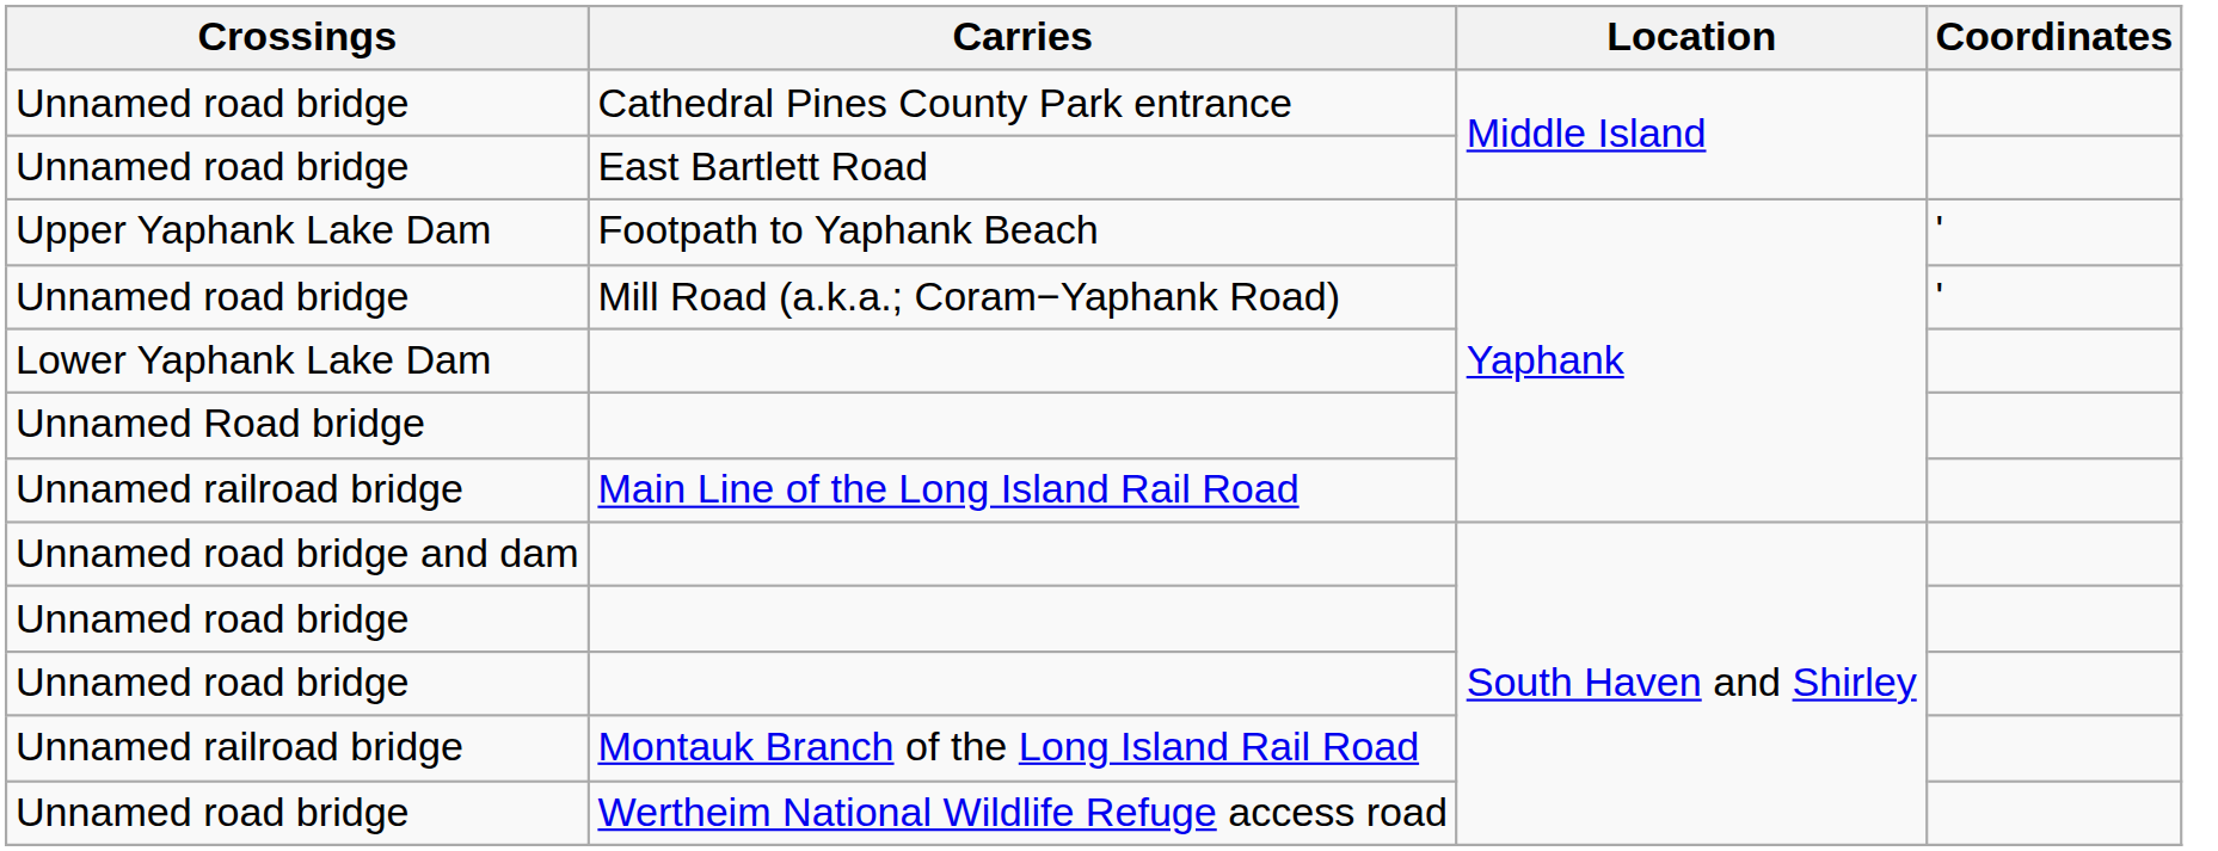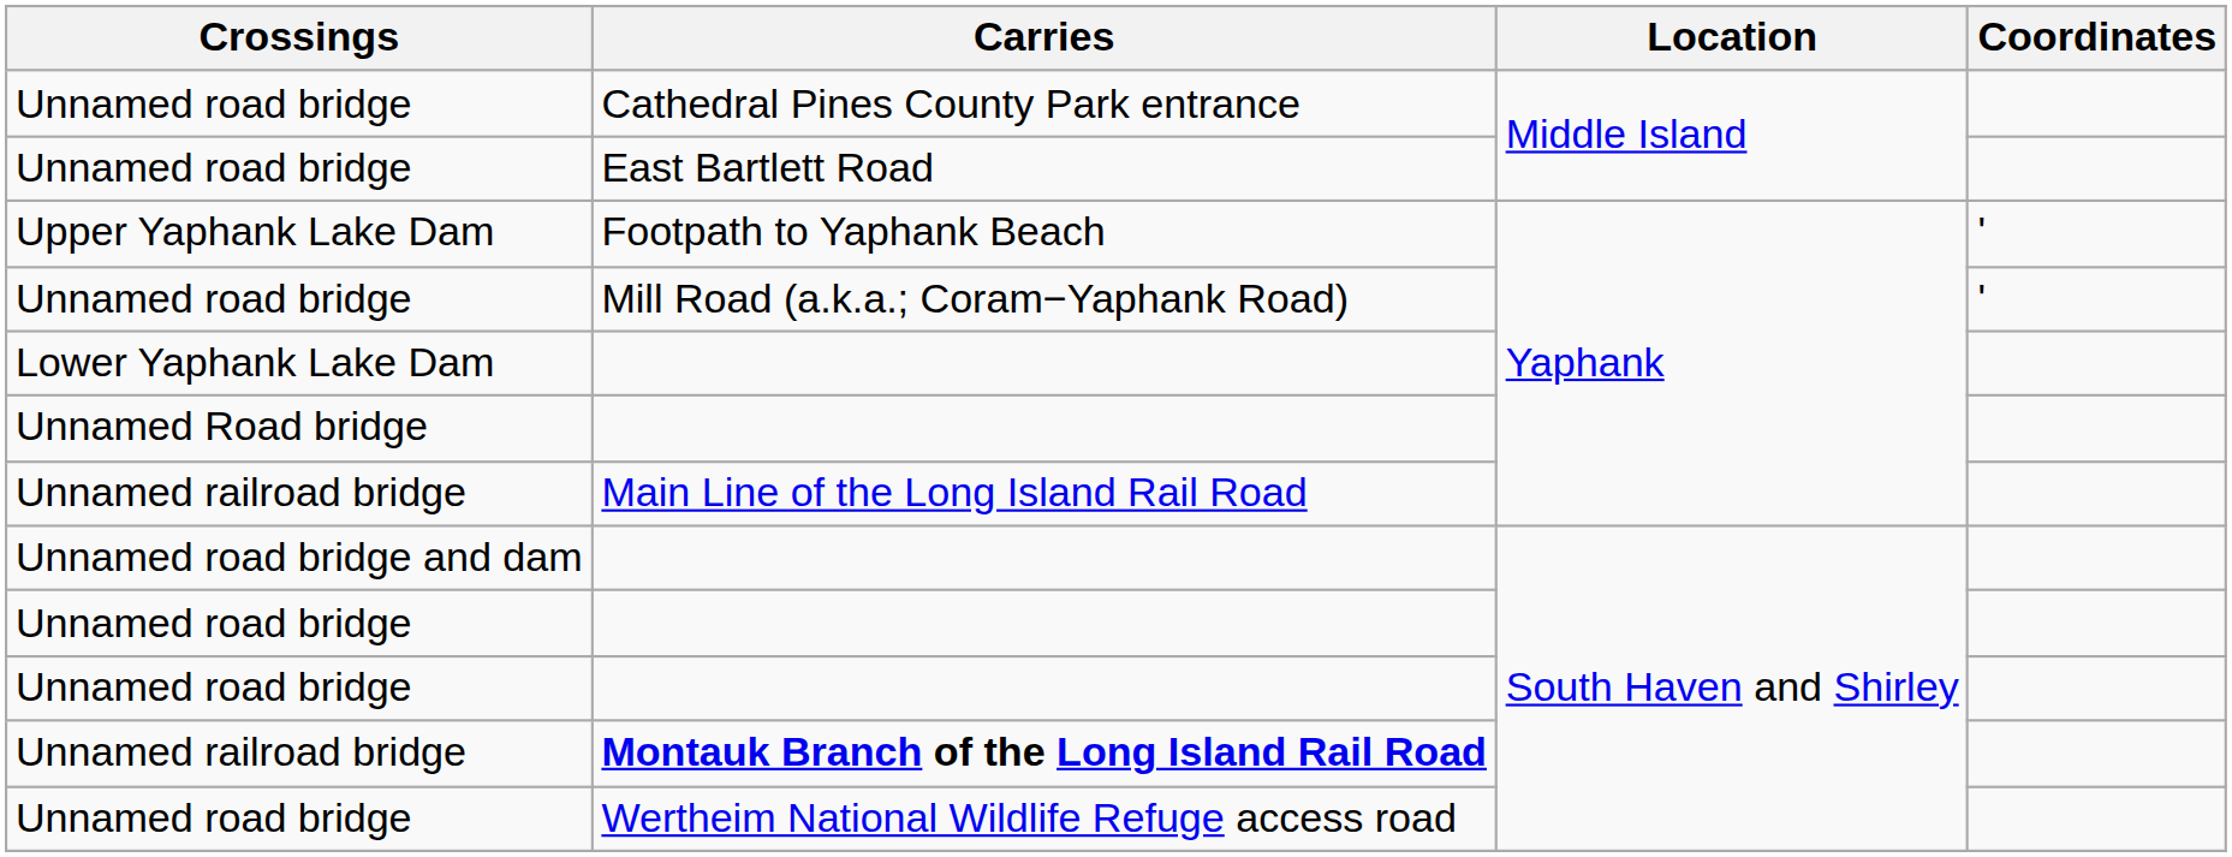 <table class="wikitable sortable">
 <tr>
 <th>Crossings</th>
 <th>Carries</th>
 <th>Location</th>
 <th>Coordinates</th>
 </tr>
 <tr>
 <td>Unnamed road bridge</td>
 <td>Cathedral Pines County Park entrance</td>
 <td rowspan=2><a href='#'>Middle Island</a></td>
 <td></td>
 </tr>
 <tr>
 <td>Unnamed road bridge</td>
 <td>East Bartlett Road</td>
 <td></td>
 </tr>
 <tr>
 <td>Upper Yaphank Lake Dam</td>
 <td>Footpath to Yaphank Beach</td>
 <td rowspan=5><a href='#'>Yaphank</a></td>
 <td>'</td>
 </tr>
 <tr>
 <td>Unnamed road bridge</td>
 <td>Mill Road (a.k.a.; Coram−Yaphank Road)</td>
 <td>'</td>
 </tr>
 <tr>
 <td>Lower Yaphank Lake Dam</td>
 <td></td>
 <td></td>
 </tr>
 <tr>
 <td>Unnamed Road bridge</td>
 <td></td>
 <td></td>
 </tr>
 <tr>
 <td>Unnamed railroad bridge</td>
 <td><a href='#'>Main Line of the Long Island Rail Road</a></td>
 <td></td>
 </tr>
 <tr>
 <td>Unnamed road bridge and dam</td>
 <td></td>
 <td rowspan=5><a href='#'>South Haven</a> and <a href='#'>Shirley</a></td>
 <td></td>
 </tr>
 <tr>
 <td>Unnamed road bridge</td>
 <td></td>
 <td></td>
 </tr>
 <tr>
 <td>Unnamed road bridge</td>
 <td></td>
 <td></td>
 </tr>
 <tr>
 <td>Unnamed railroad bridge</td>
-<td><a href='#'>Montauk Branch</a> of the <a href='#'>Long Island Rail Road</a></td>
+<td><strong><a href='#'>Montauk Branch</a> of the <a href='#'>Long Island Rail Road</a></strong></td>
 <td></td>
 </tr>
 <tr>
 <td>Unnamed road bridge</td>
 <td><a href='#'>Wertheim National Wildlife Refuge</a> access road</td>
 <td></td>
 </tr>
 <tr>
 </tr>
 </table>
